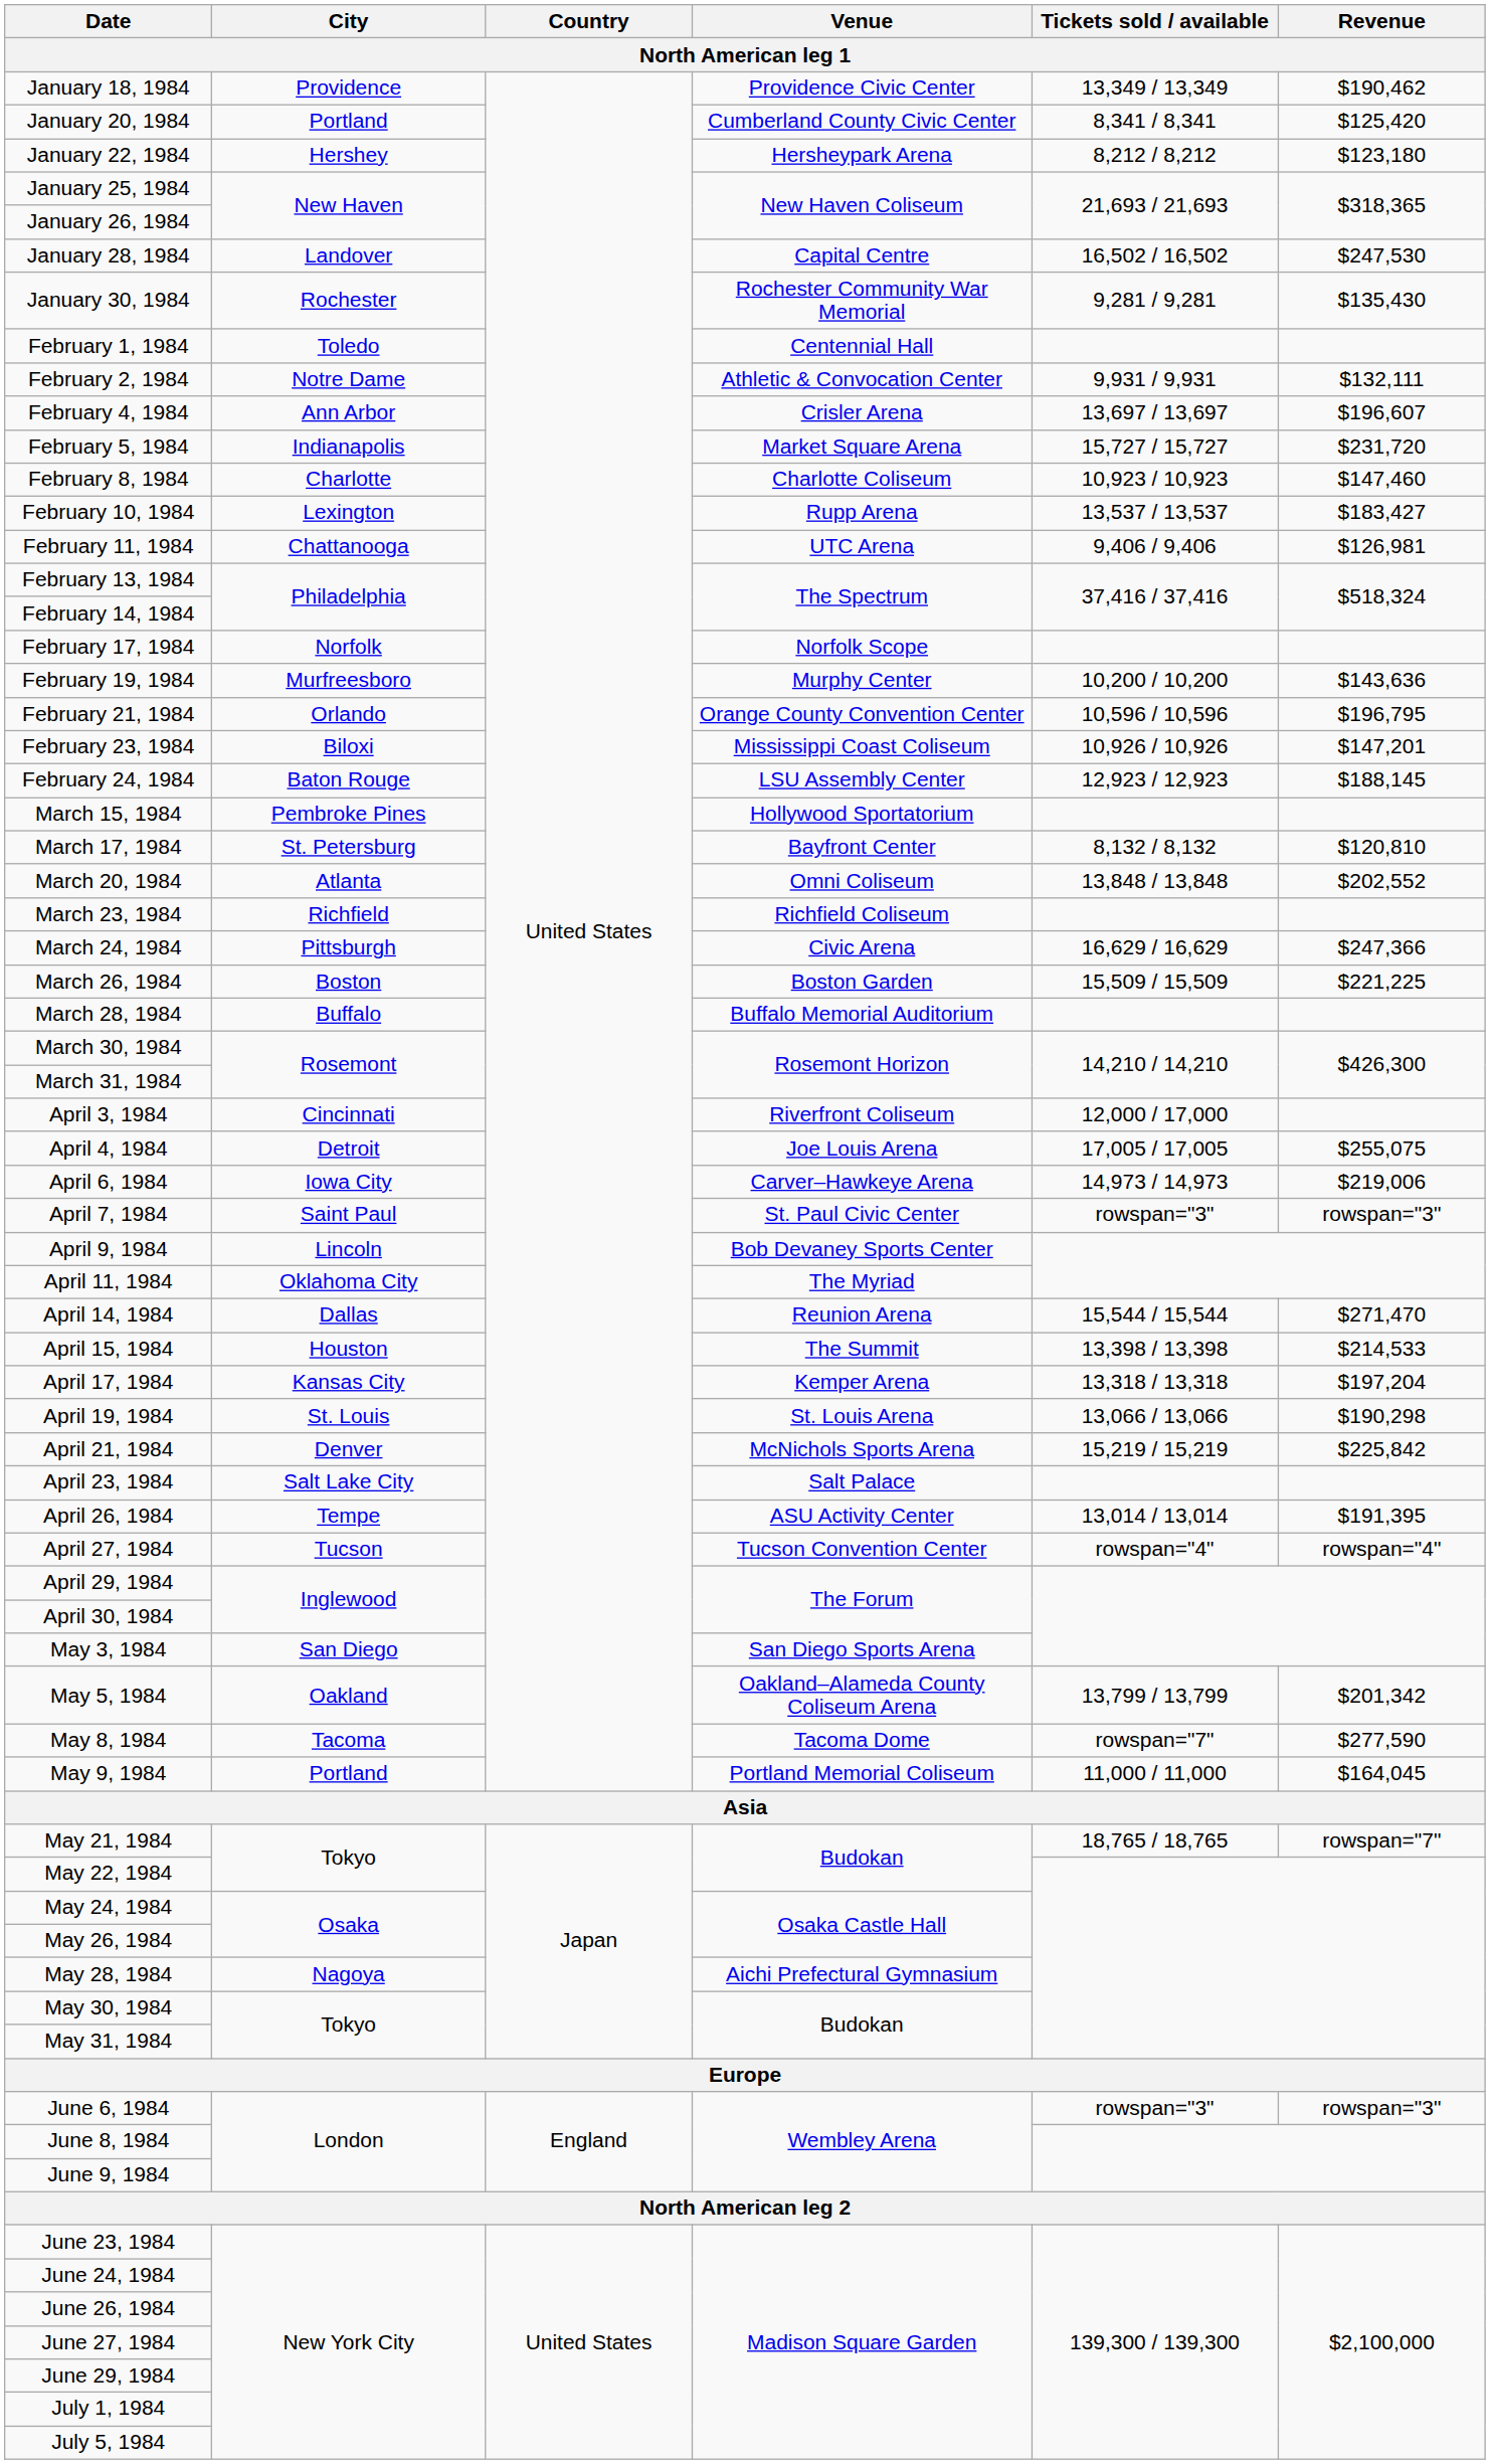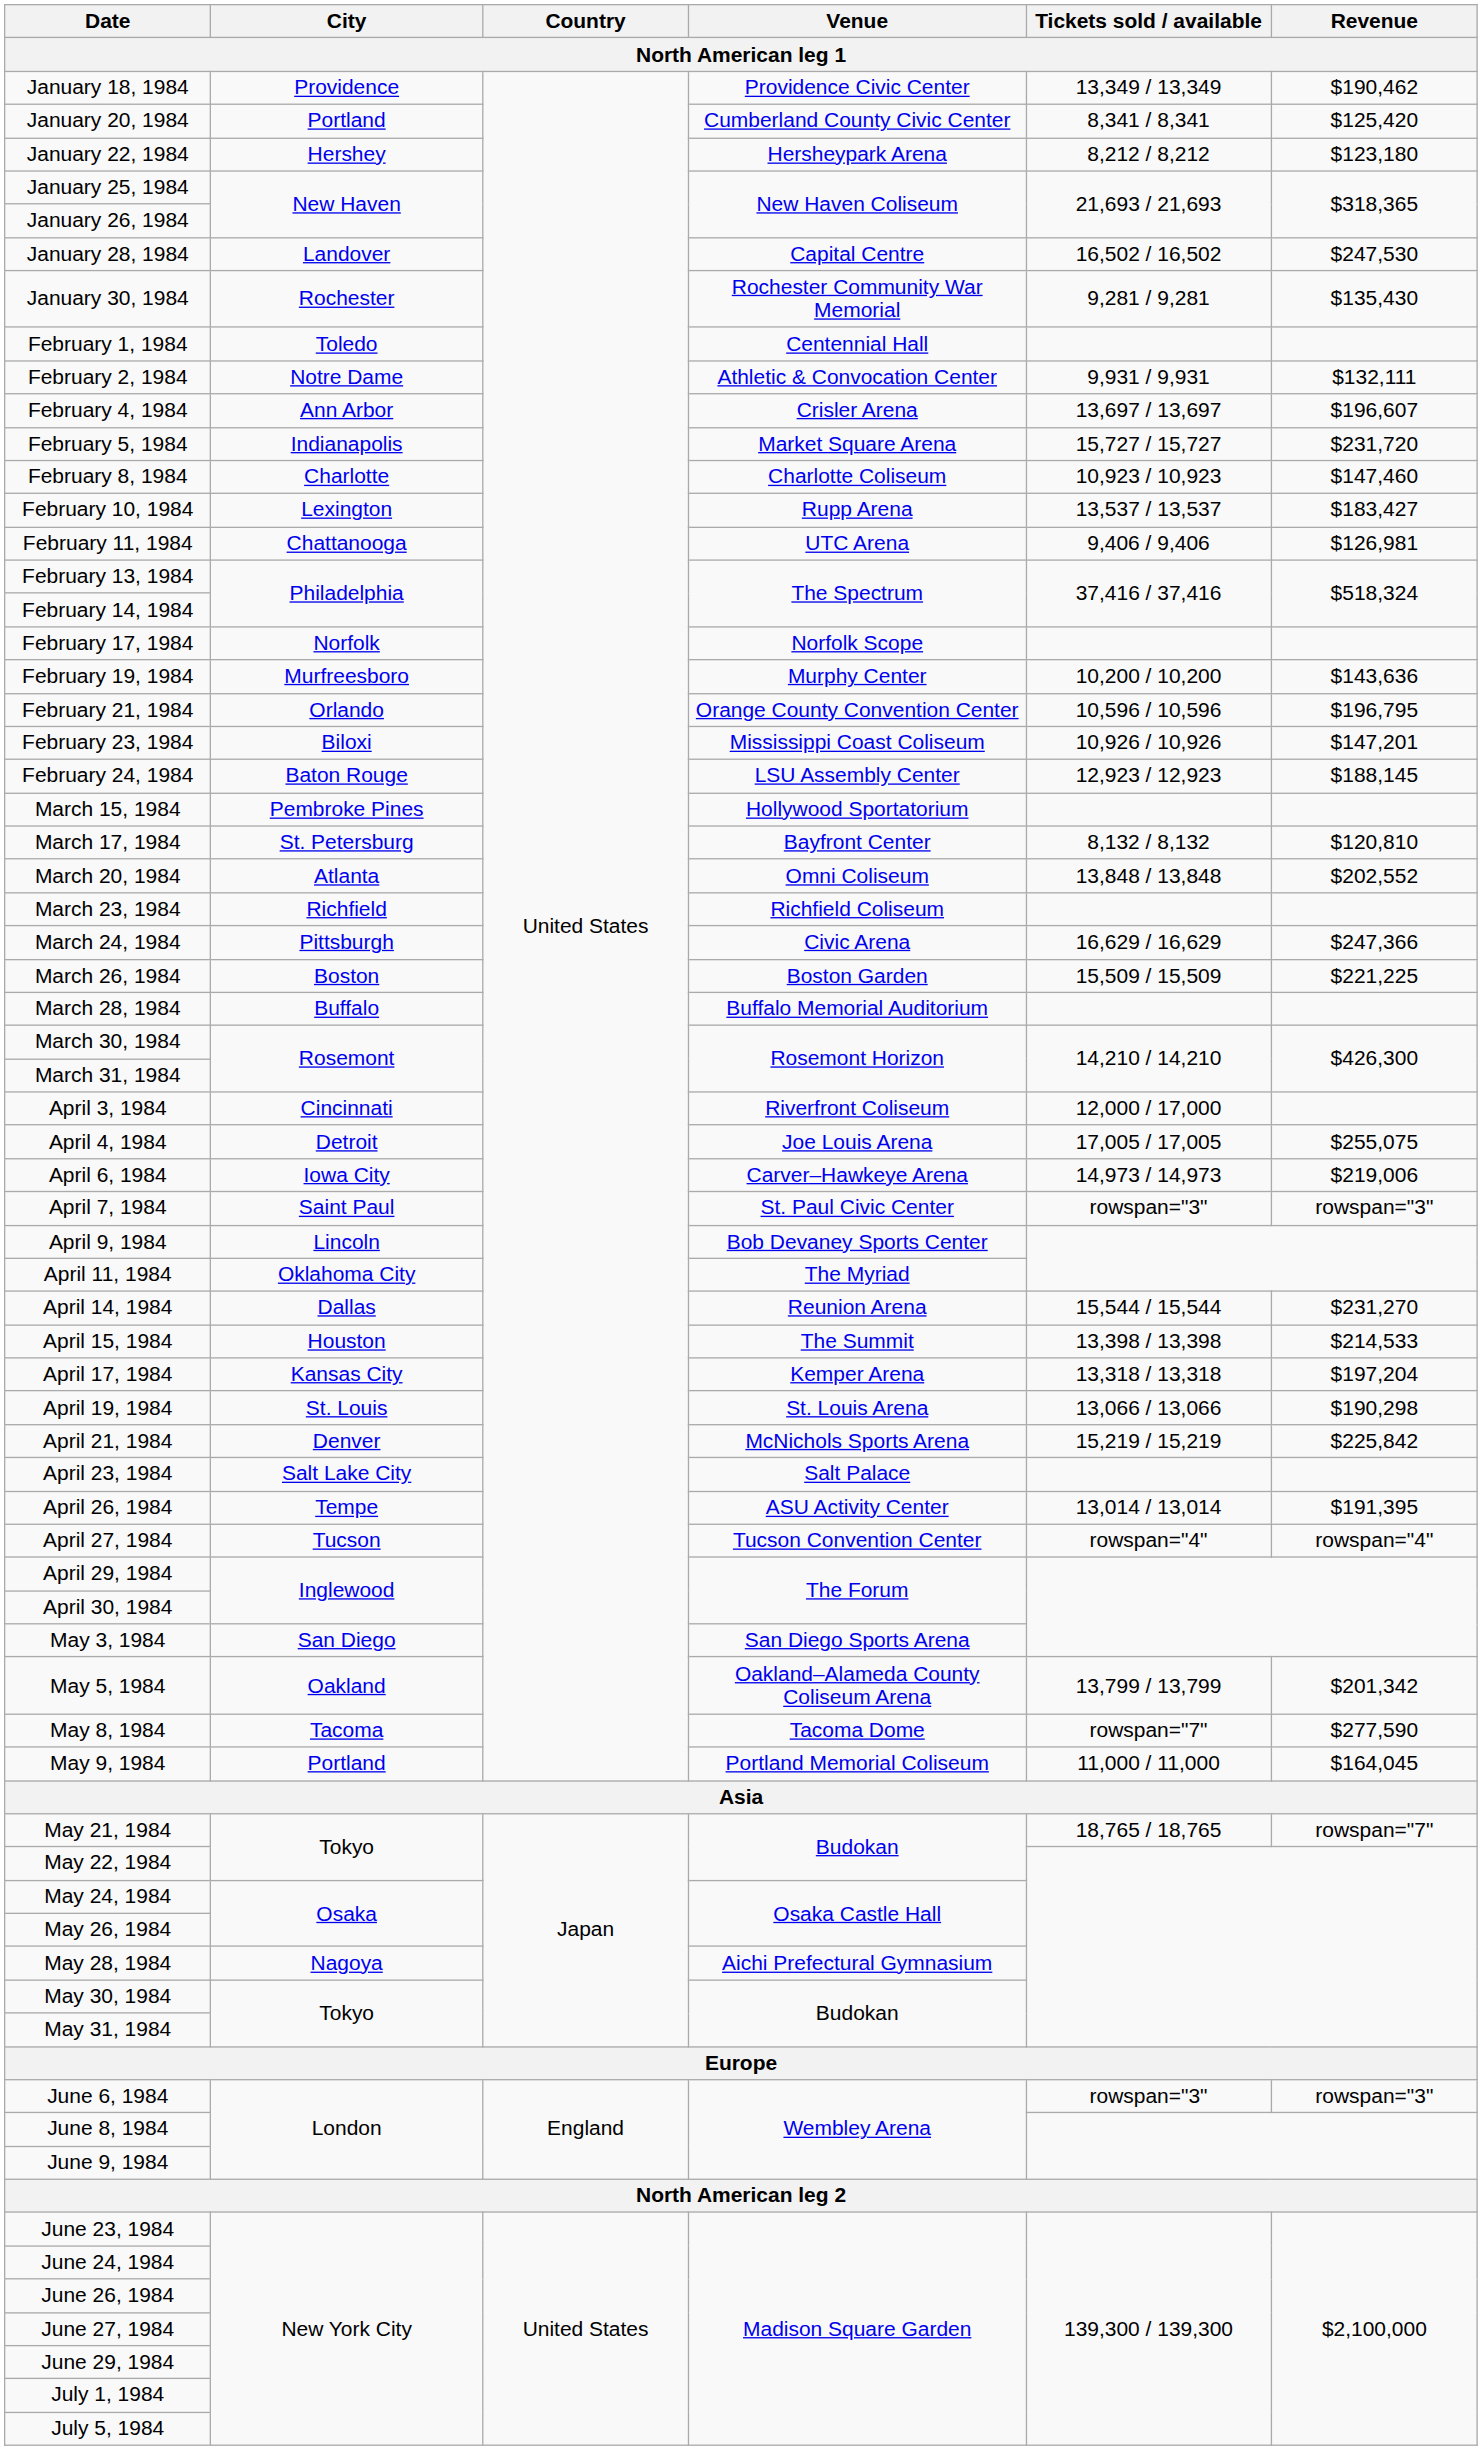 <table class="wikitable" style="text-align:center;">
 <tr>
 <th style="width:150px;">Date</th>
 <th style="width:200px;">City</th>
 <th style="width:150px;">Country</th>
 <th style="width:250px;">Venue</th>
 <th style="width:180px;">Tickets sold / available</th>
 <th style="width:150px;">Revenue</th>
 </tr>
 <tr>
 <th colspan="6">North American leg 1</th>
 </tr>
 <tr>
 <td>January 18, 1984</td>
 <td><a href='#'>Providence</a></td>
 <td rowspan="50">United States</td>
 <td><a href='#'>Providence Civic Center</a></td>
 <td>13,349 / 13,349</td>
 <td>$190,462</td>
 </tr>
 <tr>
 <td>January 20, 1984</td>
 <td><a href='#'>Portland</a></td>
 <td><a href='#'>Cumberland County Civic Center</a></td>
 <td>8,341 / 8,341</td>
 <td>$125,420</td>
 </tr>
 <tr>
 <td>January 22, 1984</td>
 <td><a href='#'>Hershey</a></td>
 <td><a href='#'>Hersheypark Arena</a></td>
 <td>8,212 / 8,212</td>
 <td>$123,180</td>
 </tr>
 <tr>
 <td>January 25, 1984</td>
 <td rowspan="2"><a href='#'>New Haven</a></td>
 <td rowspan="2"><a href='#'>New Haven Coliseum</a></td>
 <td rowspan="2">21,693 / 21,693</td>
 <td rowspan="2">$318,365</td>
 </tr>
 <tr>
 <td>January 26, 1984</td>
 </tr>
 <tr>
 <td>January 28, 1984</td>
 <td><a href='#'>Landover</a></td>
 <td><a href='#'>Capital Centre</a></td>
 <td>16,502 / 16,502</td>
 <td>$247,530</td>
 </tr>
 <tr>
 <td>January 30, 1984</td>
 <td><a href='#'>Rochester</a></td>
 <td><a href='#'>Rochester Community War Memorial</a></td>
 <td>9,281 / 9,281</td>
 <td>$135,430</td>
 </tr>
 <tr>
 <td>February 1, 1984</td>
 <td><a href='#'>Toledo</a></td>
 <td><a href='#'>Centennial Hall</a></td>
 <td></td>
 <td></td>
 </tr>
 <tr>
 <td>February 2, 1984</td>
 <td><a href='#'>Notre Dame</a></td>
 <td><a href='#'>Athletic & Convocation Center</a></td>
 <td>9,931 / 9,931</td>
 <td>$132,111</td>
 </tr>
 <tr>
 <td>February 4, 1984</td>
 <td><a href='#'>Ann Arbor</a></td>
 <td><a href='#'>Crisler Arena</a></td>
 <td>13,697 / 13,697</td>
 <td>$196,607</td>
 </tr>
 <tr>
 <td>February 5, 1984</td>
 <td><a href='#'>Indianapolis</a></td>
 <td><a href='#'>Market Square Arena</a></td>
 <td>15,727 / 15,727</td>
 <td>$231,720</td>
 </tr>
 <tr>
 <td>February 8, 1984</td>
 <td><a href='#'>Charlotte</a></td>
 <td><a href='#'>Charlotte Coliseum</a></td>
 <td>10,923 / 10,923</td>
 <td>$147,460</td>
 </tr>
 <tr>
 <td>February 10, 1984</td>
 <td><a href='#'>Lexington</a></td>
 <td><a href='#'>Rupp Arena</a></td>
 <td>13,537 / 13,537</td>
 <td>$183,427</td>
 </tr>
 <tr>
 <td>February 11, 1984</td>
 <td><a href='#'>Chattanooga</a></td>
 <td><a href='#'>UTC Arena</a></td>
 <td>9,406 / 9,406</td>
 <td>$126,981</td>
 </tr>
 <tr>
 <td>February 13, 1984</td>
 <td rowspan="2"><a href='#'>Philadelphia</a></td>
 <td rowspan="2"><a href='#'>The Spectrum</a></td>
 <td rowspan="2">37,416 / 37,416</td>
 <td rowspan="2">$518,324</td>
 </tr>
 <tr>
 <td>February 14, 1984</td>
 </tr>
 <tr>
 <td>February 17, 1984</td>
 <td><a href='#'>Norfolk</a></td>
 <td><a href='#'>Norfolk Scope</a></td>
 <td></td>
 <td></td>
 </tr>
 <tr>
 <td>February 19, 1984</td>
 <td><a href='#'>Murfreesboro</a></td>
 <td><a href='#'>Murphy Center</a></td>
 <td>10,200 / 10,200</td>
 <td>$143,636</td>
 </tr>
 <tr>
 <td>February 21, 1984</td>
 <td><a href='#'>Orlando</a></td>
 <td><a href='#'>Orange County Convention Center</a></td>
 <td>10,596 / 10,596</td>
 <td>$196,795</td>
 </tr>
 <tr>
 <td>February 23, 1984</td>
 <td><a href='#'>Biloxi</a></td>
 <td><a href='#'>Mississippi Coast Coliseum</a></td>
 <td>10,926 / 10,926</td>
 <td>$147,201</td>
 </tr>
 <tr>
 <td>February 24, 1984</td>
 <td><a href='#'>Baton Rouge</a></td>
 <td><a href='#'>LSU Assembly Center</a></td>
 <td>12,923 / 12,923</td>
 <td>$188,145</td>
 </tr>
 <tr>
 <td>March 15, 1984</td>
 <td><a href='#'>Pembroke Pines</a></td>
 <td><a href='#'>Hollywood Sportatorium</a></td>
 <td></td>
 <td></td>
 </tr>
 <tr>
 <td>March 17, 1984</td>
 <td><a href='#'>St. Petersburg</a></td>
 <td><a href='#'>Bayfront Center</a></td>
 <td>8,132 / 8,132</td>
 <td>$120,810</td>
 </tr>
 <tr>
 <td>March 20, 1984</td>
 <td><a href='#'>Atlanta</a></td>
 <td><a href='#'>Omni Coliseum</a></td>
 <td>13,848 / 13,848</td>
 <td>$202,552</td>
 </tr>
 <tr>
 <td>March 23, 1984</td>
 <td><a href='#'>Richfield</a></td>
 <td><a href='#'>Richfield Coliseum</a></td>
 <td></td>
 <td></td>
 </tr>
 <tr>
 <td>March 24, 1984</td>
 <td><a href='#'>Pittsburgh</a></td>
 <td><a href='#'>Civic Arena</a></td>
 <td>16,629 / 16,629</td>
 <td>$247,366</td>
 </tr>
 <tr>
 <td>March 26, 1984</td>
 <td><a href='#'>Boston</a></td>
 <td><a href='#'>Boston Garden</a></td>
 <td>15,509 / 15,509</td>
 <td>$221,225</td>
 </tr>
 <tr>
 <td>March 28, 1984</td>
 <td><a href='#'>Buffalo</a></td>
 <td><a href='#'>Buffalo Memorial Auditorium</a></td>
 <td></td>
 <td></td>
 </tr>
 <tr>
 <td>March 30, 1984</td>
 <td rowspan="2"><a href='#'>Rosemont</a></td>
 <td rowspan="2"><a href='#'>Rosemont Horizon</a></td>
 <td rowspan="2">14,210 / 14,210</td>
 <td rowspan="2">$426,300</td>
 </tr>
 <tr>
 <td>March 31, 1984</td>
 </tr>
 <tr>
 <td>April 3, 1984</td>
 <td><a href='#'>Cincinnati</a></td>
 <td><a href='#'>Riverfront Coliseum</a></td>
 <td>12,000 / 17,000</td>
 <td></td>
 </tr>
 <tr>
 <td>April 4, 1984</td>
 <td><a href='#'>Detroit</a></td>
 <td><a href='#'>Joe Louis Arena</a></td>
 <td>17,005 / 17,005</td>
 <td>$255,075</td>
 </tr>
 <tr>
 <td>April 6, 1984</td>
 <td><a href='#'>Iowa City</a></td>
 <td><a href='#'>Carver–Hawkeye Arena</a></td>
 <td>14,973 / 14,973</td>
 <td>$219,006</td>
 </tr>
 <tr>
 <td>April 7, 1984</td>
 <td><a href='#'>Saint Paul</a></td>
 <td><a href='#'>St. Paul Civic Center</a></td>
 <td>rowspan="3" </td>
 <td>rowspan="3" </td>
 </tr>
 <tr>
 <td>April 9, 1984</td>
 <td><a href='#'>Lincoln</a></td>
 <td><a href='#'>Bob Devaney Sports Center</a></td>
 </tr>
 <tr>
 <td>April 11, 1984</td>
 <td><a href='#'>Oklahoma City</a></td>
 <td><a href='#'>The Myriad</a></td>
 </tr>
 <tr>
 <td>April 14, 1984</td>
 <td><a href='#'>Dallas</a></td>
 <td><a href='#'>Reunion Arena</a></td>
 <td>15,544 / 15,544</td>
-<td>$271,470</td>
+<td>$231,270</td>
 </tr>
 <tr>
 <td>April 15, 1984</td>
 <td><a href='#'>Houston</a></td>
 <td><a href='#'>The Summit</a></td>
 <td>13,398 / 13,398</td>
 <td>$214,533</td>
 </tr>
 <tr>
 <td>April 17, 1984</td>
 <td><a href='#'>Kansas City</a></td>
 <td><a href='#'>Kemper Arena</a></td>
 <td>13,318 / 13,318</td>
 <td>$197,204</td>
 </tr>
 <tr>
 <td>April 19, 1984</td>
 <td><a href='#'>St. Louis</a></td>
 <td><a href='#'>St. Louis Arena</a></td>
 <td>13,066 / 13,066</td>
 <td>$190,298</td>
 </tr>
 <tr>
 <td>April 21, 1984</td>
 <td><a href='#'>Denver</a></td>
 <td><a href='#'>McNichols Sports Arena</a></td>
 <td>15,219 / 15,219</td>
 <td>$225,842</td>
 </tr>
 <tr>
 <td>April 23, 1984</td>
 <td><a href='#'>Salt Lake City</a></td>
 <td><a href='#'>Salt Palace</a></td>
 <td></td>
 <td></td>
 </tr>
 <tr>
 <td>April 26, 1984</td>
 <td><a href='#'>Tempe</a></td>
 <td><a href='#'>ASU Activity Center</a></td>
 <td>13,014 / 13,014</td>
 <td>$191,395</td>
 </tr>
 <tr>
 <td>April 27, 1984</td>
 <td><a href='#'>Tucson</a></td>
 <td><a href='#'>Tucson Convention Center</a></td>
 <td>rowspan="4" </td>
 <td>rowspan="4" </td>
 </tr>
 <tr>
 <td>April 29, 1984</td>
 <td rowspan="2"><a href='#'>Inglewood</a></td>
 <td rowspan="2"><a href='#'>The Forum</a></td>
 </tr>
 <tr>
 <td>April 30, 1984</td>
 </tr>
 <tr>
 <td>May 3, 1984</td>
 <td><a href='#'>San Diego</a></td>
 <td><a href='#'>San Diego Sports Arena</a></td>
 </tr>
 <tr>
 <td>May 5, 1984</td>
 <td><a href='#'>Oakland</a></td>
 <td><a href='#'>Oakland–Alameda County Coliseum Arena</a></td>
 <td>13,799 / 13,799</td>
 <td>$201,342</td>
 </tr>
 <tr>
 <td>May 8, 1984</td>
 <td><a href='#'>Tacoma</a></td>
 <td><a href='#'>Tacoma Dome</a></td>
 <td>rowspan="7" </td>
 <td>$277,590</td>
 </tr>
 <tr>
 <td>May 9, 1984</td>
 <td><a href='#'>Portland</a></td>
 <td><a href='#'>Portland Memorial Coliseum</a></td>
 <td>11,000 / 11,000</td>
 <td>$164,045</td>
 </tr>
 <tr>
 <th colspan="6">Asia</th>
 </tr>
 <tr>
 <td>May 21, 1984</td>
 <td rowspan="2">Tokyo</td>
 <td rowspan="7">Japan</td>
 <td rowspan="2"><a href='#'>Budokan</a></td>
 <td>18,765 / 18,765</td>
 <td>rowspan="7" </td>
 </tr>
 <tr>
 <td>May 22, 1984</td>
 </tr>
 <tr>
 <td>May 24, 1984</td>
 <td rowspan="2"><a href='#'>Osaka</a></td>
 <td rowspan="2"><a href='#'>Osaka Castle Hall</a></td>
 </tr>
 <tr>
 <td>May 26, 1984</td>
 </tr>
 <tr>
 <td>May 28, 1984</td>
 <td><a href='#'>Nagoya</a></td>
 <td><a href='#'>Aichi Prefectural Gymnasium</a></td>
 </tr>
 <tr>
 <td>May 30, 1984</td>
 <td rowspan="2">Tokyo</td>
 <td rowspan="2">Budokan</td>
 </tr>
 <tr>
 <td>May 31, 1984</td>
 </tr>
 <tr>
 <th colspan="6">Europe</th>
 </tr>
 <tr>
 <td>June 6, 1984</td>
 <td rowspan="3">London</td>
 <td rowspan="3">England</td>
 <td rowspan="3"><a href='#'>Wembley Arena</a></td>
 <td>rowspan="3" </td>
 <td>rowspan="3" </td>
 </tr>
 <tr>
 <td>June 8, 1984</td>
 </tr>
 <tr>
 <td>June 9, 1984</td>
 </tr>
 <tr>
 <th colspan="6">North American leg 2</th>
 </tr>
 <tr>
 <td>June 23, 1984</td>
 <td rowspan="7">New York City</td>
 <td rowspan="7">United States</td>
 <td rowspan="7"><a href='#'>Madison Square Garden</a></td>
 <td rowspan="7">139,300 / 139,300</td>
 <td rowspan="7">$2,100,000</td>
 </tr>
 <tr>
 <td>June 24, 1984</td>
 </tr>
 <tr>
 <td>June 26, 1984</td>
 </tr>
 <tr>
 <td>June 27, 1984</td>
 </tr>
 <tr>
 <td>June 29, 1984</td>
 </tr>
 <tr>
 <td>July 1, 1984</td>
 </tr>
 <tr>
 <td>July 5, 1984</td>
 </tr>
 </table>
